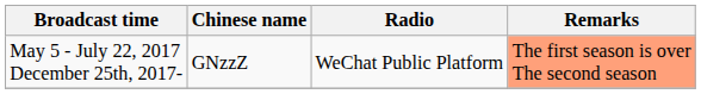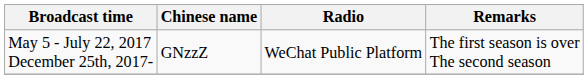 <table class="wikitable sortable">
 <tr>
 <th>Broadcast time</th>
 <th>Chinese name</th>
 <th>Radio</th>
 <th>Remarks</th>
 </tr>
 <tr ||>
 <td>May 5 - July 22, 2017<br>December 25th, 2017-</td>
 <td>GNzzZ</td>
 <td>WeChat Public Platform</td>
-<td style="background: lightsalmon;">The first season is over<br>The second season</td>
+<td>The first season is over<br>The second season</td>
 </tr>
 <tr>
 </tr>
 </table>
